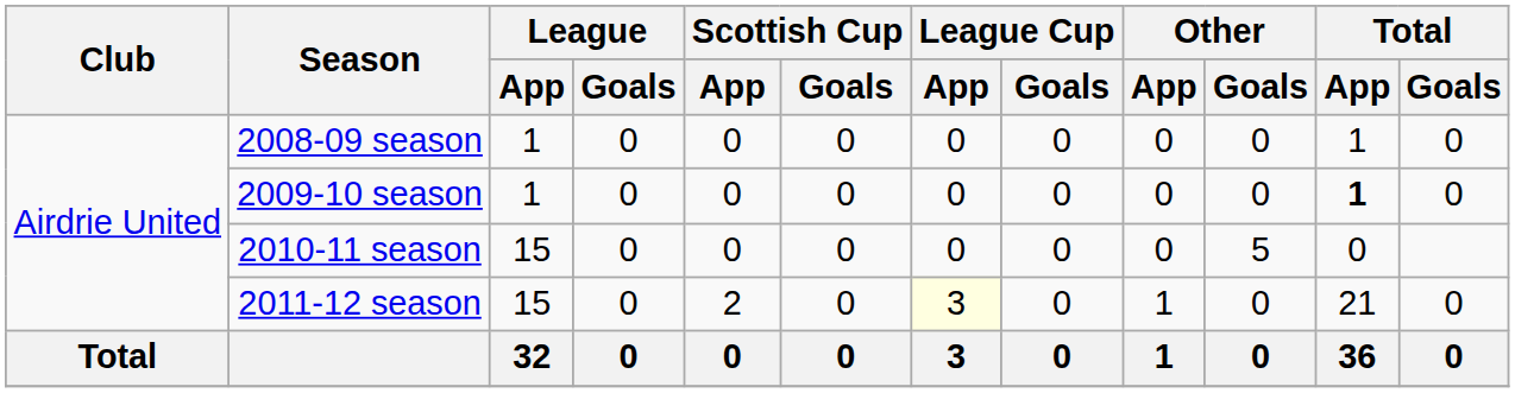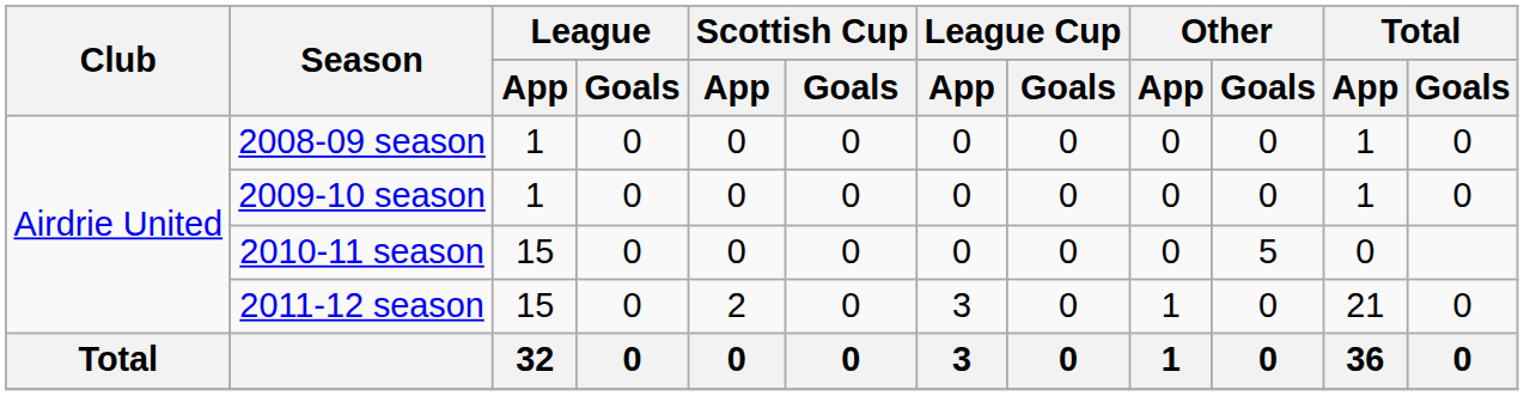 <table class="wikitable">
 <tr>
 <th rowspan=2>Club</th>
 <th rowspan=2>Season</th>
 <th colspan=2>League</th>
 <th colspan=2>Scottish Cup</th>
 <th colspan=2>League Cup</th>
 <th colspan=2>Other</th>
 <th colspan=2>Total</th>
 </tr>
 <tr>
 <th>App</th>
 <th>Goals</th>
 <th>App</th>
 <th>Goals</th>
 <th>App</th>
 <th>Goals</th>
 <th>App</th>
 <th>Goals</th>
 <th>App</th>
 <th>Goals</th>
 </tr>
 <tr align=center>
 <td rowspan=4><a href='#'>Airdrie United</a></td>
 <td><a href='#'>2008-09 season</a></td>
 <td>1</td>
 <td>0</td>
 <td>0</td>
 <td>0</td>
 <td>0</td>
 <td>0</td>
 <td>0</td>
 <td>0</td>
 <td>1</td>
 <td>0</td>
 </tr>
 <tr align=center>
 <td><a href='#'>2009-10 season</a></td>
 <td>1</td>
 <td>0</td>
 <td>0</td>
 <td>0</td>
 <td>0</td>
 <td>0</td>
 <td>0</td>
 <td>0</td>
-<td><strong>1</strong></td>
+<td>1</td>
 <td>0</td>
 </tr>
 <tr align=center>
 <td><a href='#'>2010-11 season</a></td>
 <td>15</td>
 <td>0</td>
 <td 01>0</td>
 <td>0</td>
 <td>0</td>
 <td>0</td>
 <td>0</td>
 <td>5</td>
 <td>0</td>
 </tr>
 <tr align=center>
 <td><a href='#'>2011-12 season</a></td>
 <td>15</td>
 <td>0</td>
 <td>2</td>
 <td>0</td>
-<td style="background: lightyellow;">3</td>
+<td>3</td>
 <td>0</td>
 <td>1</td>
 <td>0</td>
 <td>21</td>
 <td>0</td>
 </tr>
 <tr align=center>
 <th>Total</th>
 <th></th>
 <th>32</th>
 <th>0</th>
 <th>0</th>
 <th>0</th>
 <th>3</th>
 <th>0</th>
 <th>1</th>
 <th>0</th>
 <th>36</th>
 <th>0</th>
 </tr>
 <tr>
 </tr>
 </table>
